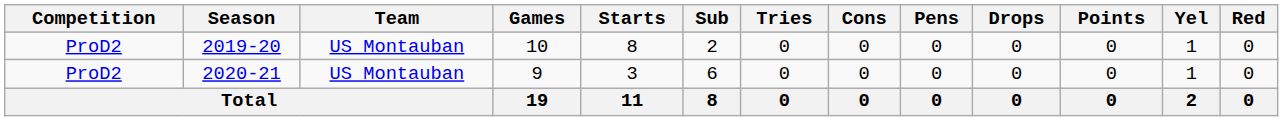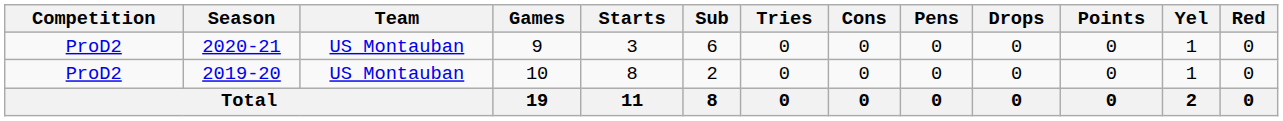 <table class="wikitable" style="text-align:center; line-height:100%; font-size:100%; width:70%;">
 <tr>
 <th>Competition</th>
 <th>Season</th>
 <th>Team</th>
 <th>Games</th>
 <th>Starts</th>
 <th>Sub</th>
 <th>Tries</th>
 <th>Cons</th>
 <th>Pens</th>
 <th>Drops</th>
 <th>Points</th>
 <th>Yel</th>
 <th>Red</th>
 </tr>
 <tr>
 <td><a href='#'>ProD2</a></td>
-<td><a href='#'>2019-20</a></td>
+<td><a href='#'>2020-21</a></td>
 <td><a href='#'>US Montauban</a></td>
-<td>10</td>
-<td>8</td>
-<td>2</td>
+<td>9</td>
+<td>3</td>
+<td>6</td>
 <td>0</td>
 <td>0</td>
 <td>0</td>
 <td>0</td>
 <td>0</td>
 <td>1</td>
 <td>0</td>
 </tr>
 <tr>
 <td><a href='#'>ProD2</a></td>
-<td><a href='#'>2020-21</a></td>
+<td><a href='#'>2019-20</a></td>
 <td><a href='#'>US Montauban</a></td>
-<td>9</td>
-<td>3</td>
-<td>6</td>
+<td>10</td>
+<td>8</td>
+<td>2</td>
 <td>0</td>
 <td>0</td>
 <td>0</td>
 <td>0</td>
 <td>0</td>
 <td>1</td>
 <td>0</td>
 </tr>
 <tr>
 <th colspan="3">Total</th>
 <th>19</th>
 <th>11</th>
 <th>8</th>
 <th>0</th>
 <th>0</th>
 <th>0</th>
 <th>0</th>
 <th>0</th>
 <th>2</th>
 <th>0</th>
 </tr>
 </table>
